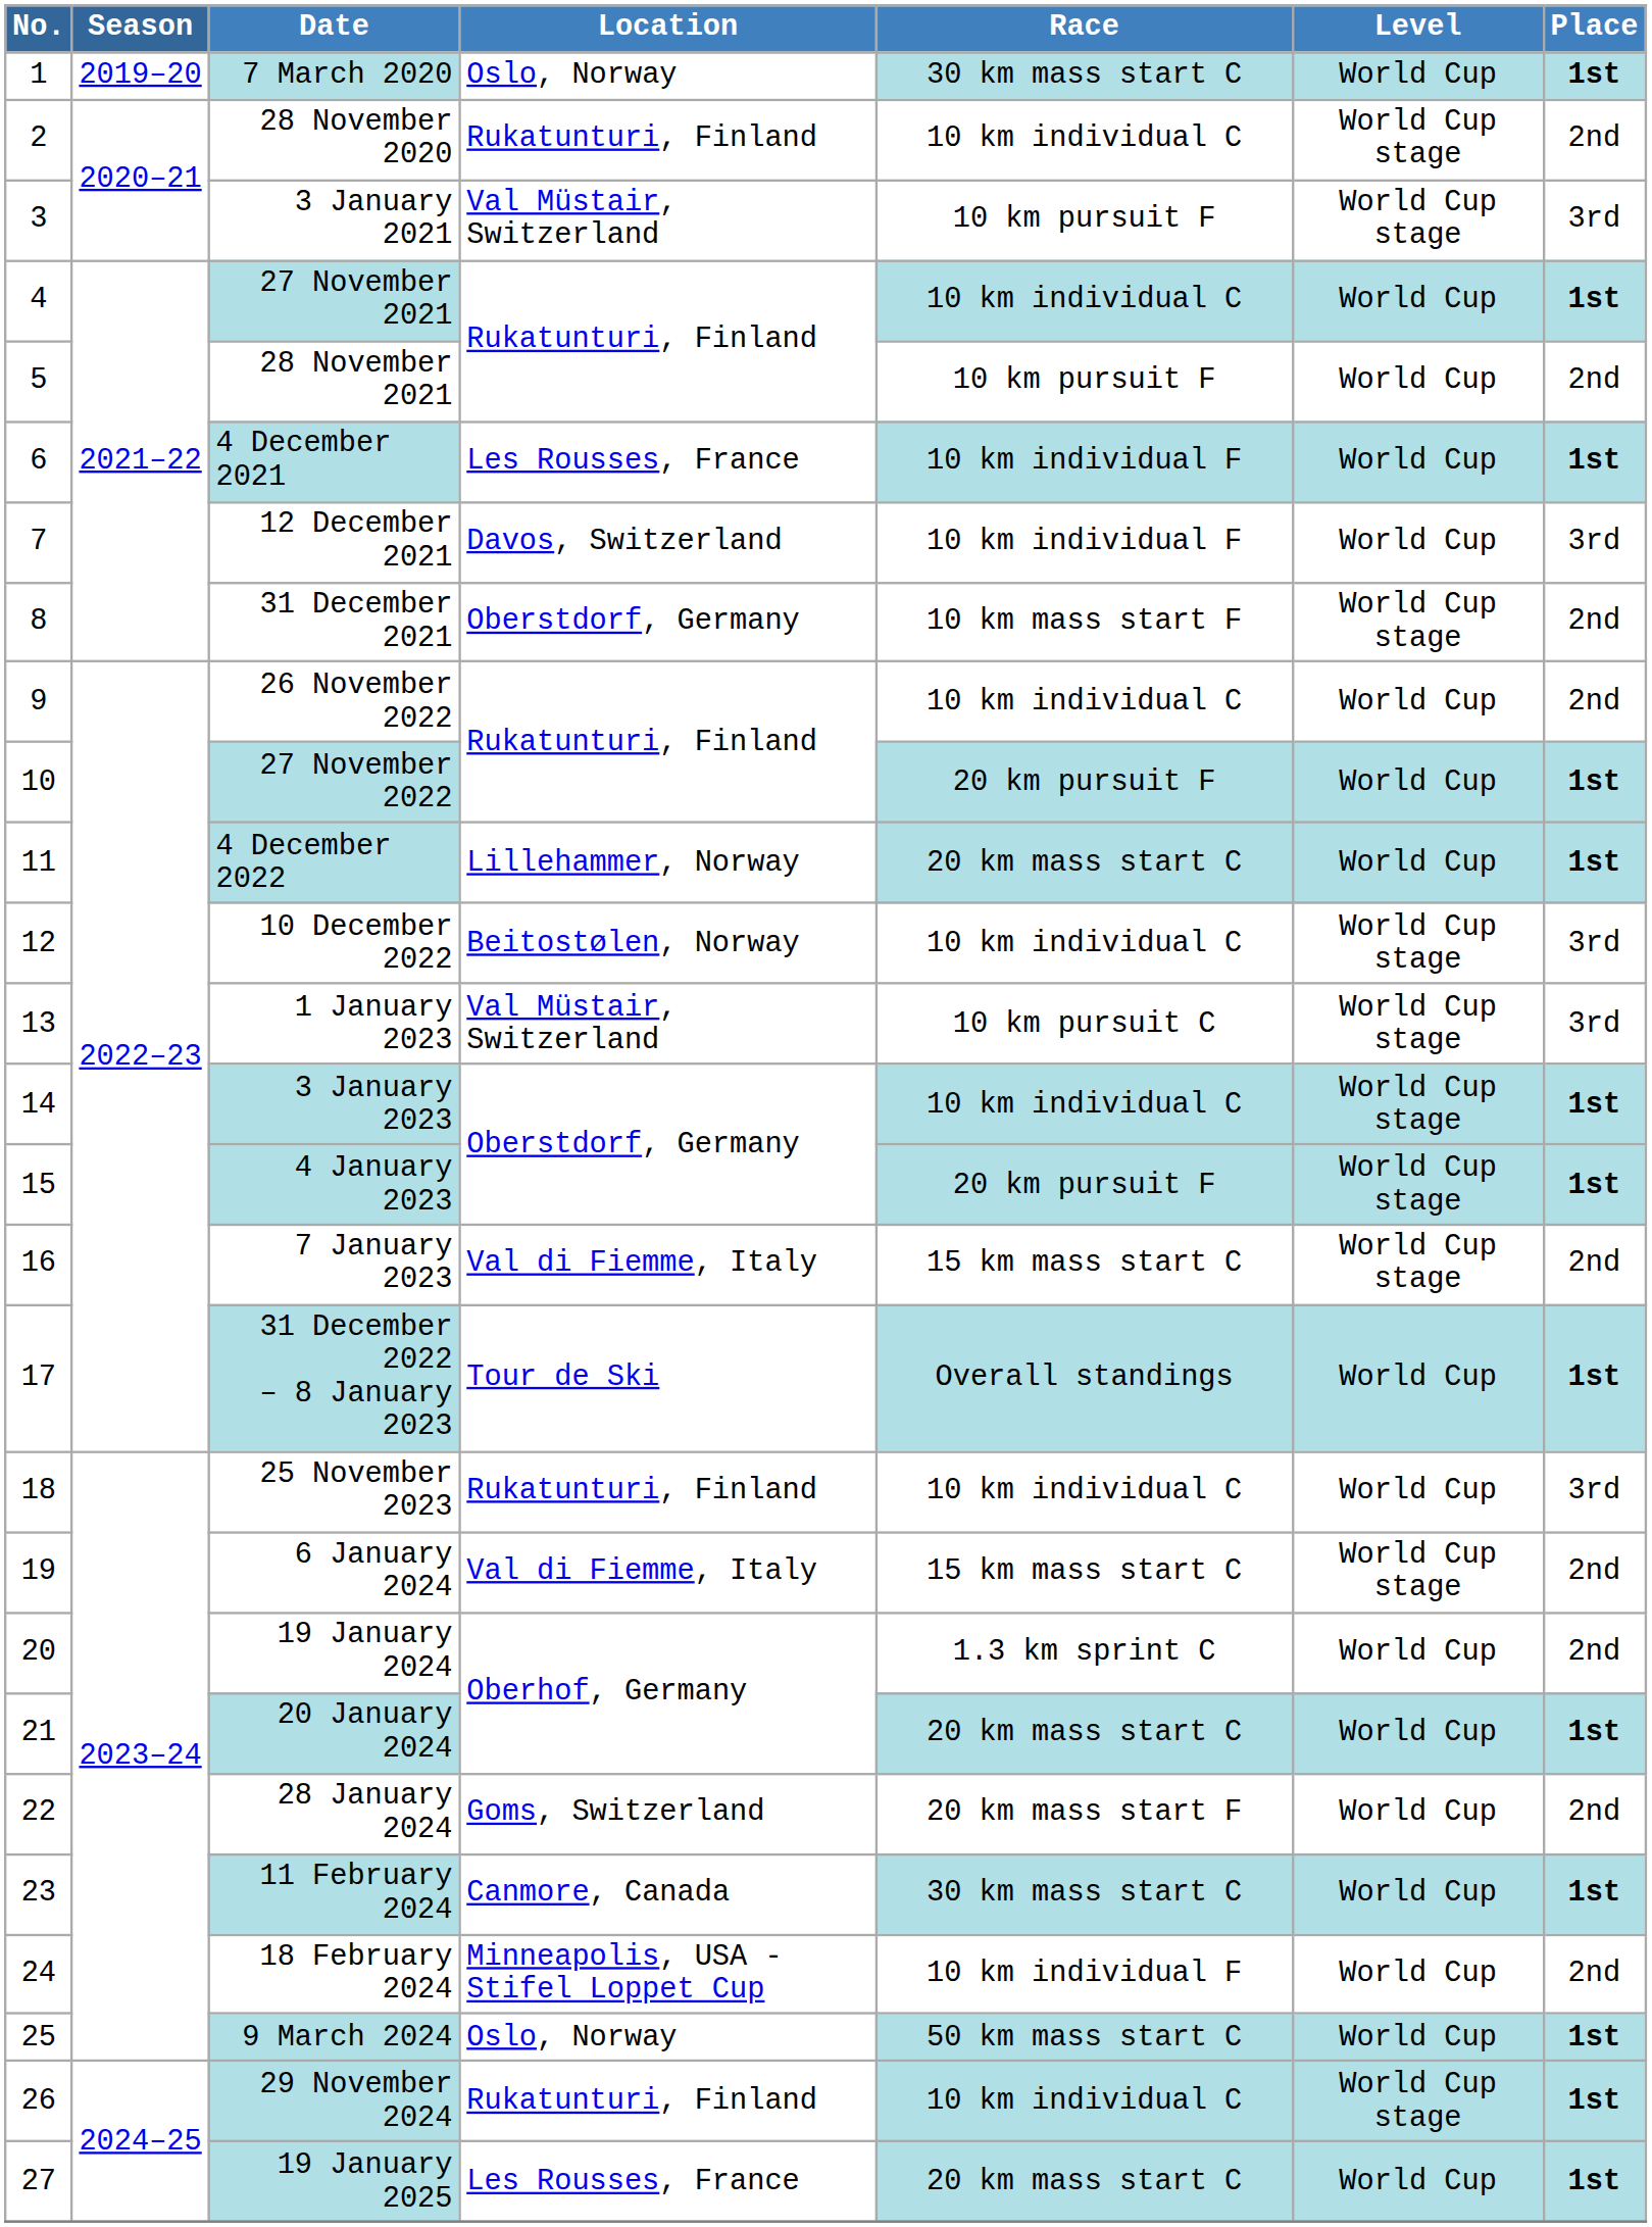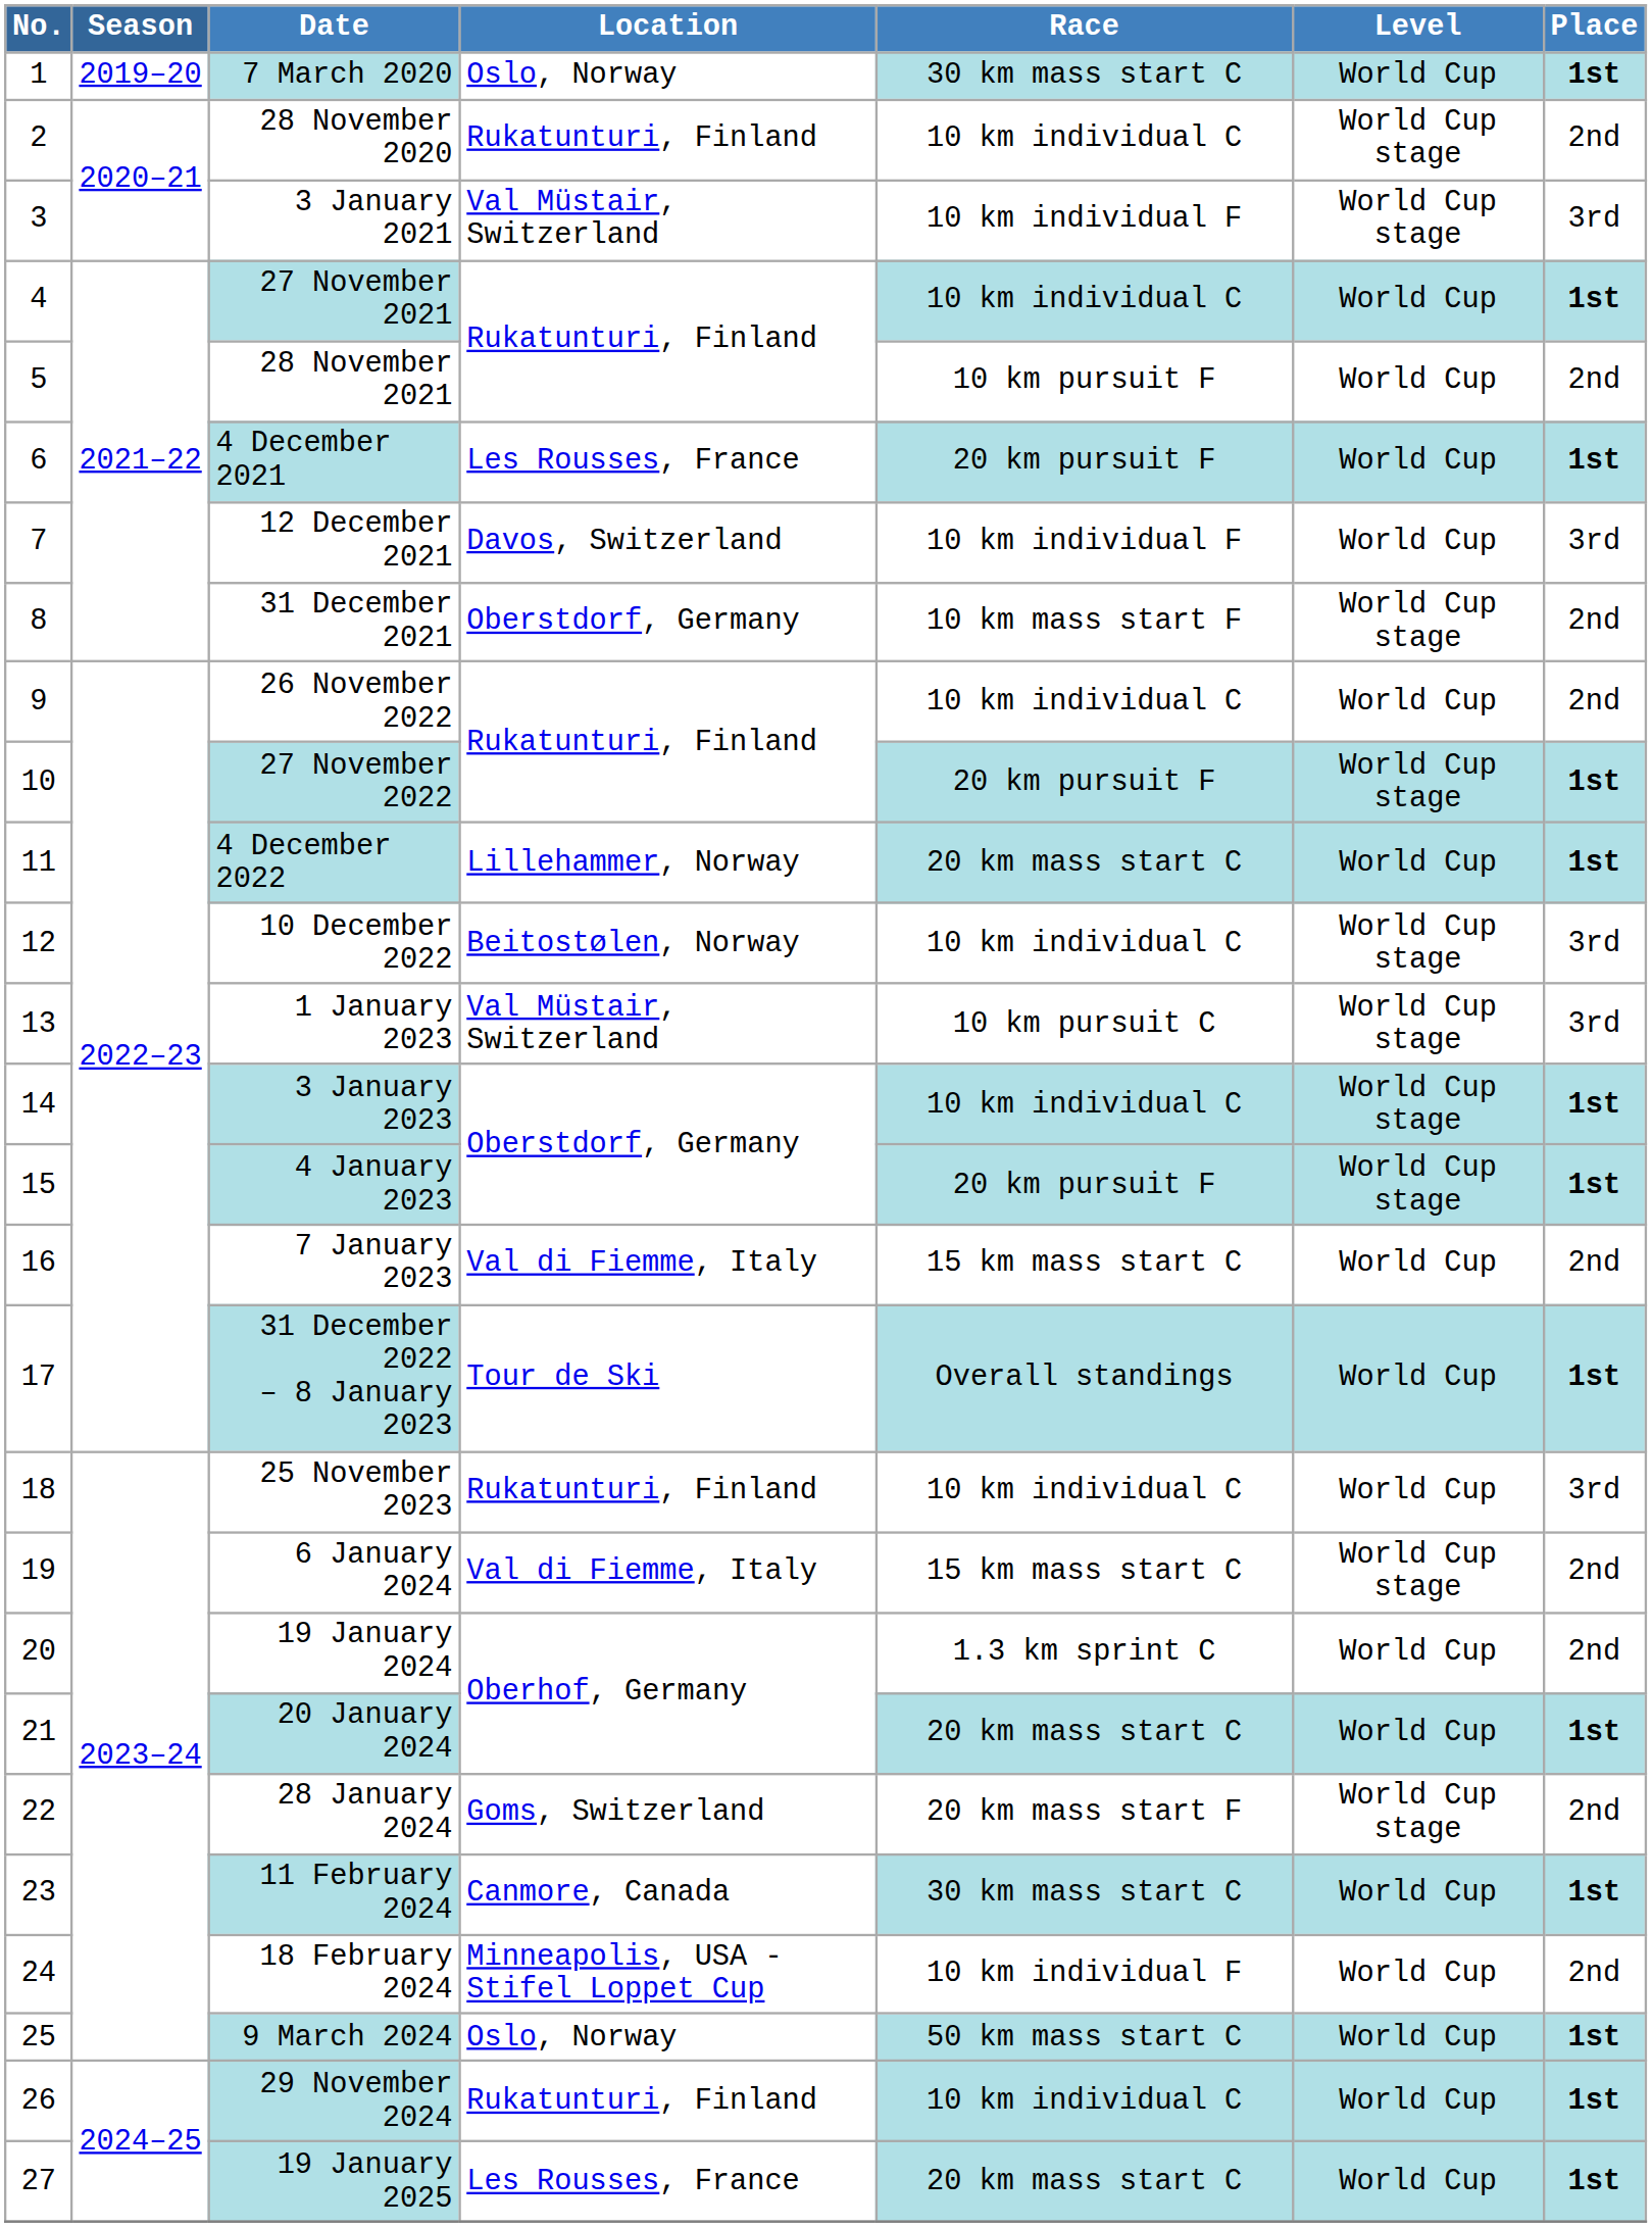 <table class="wikitable sortable" style="font-size:95%; text-align:center; border:grey solid 1px; border-collapse:collapse; background:#ffffff;">
 <tr style="background:#efefef;">
 <th style="background-color:#369; color:white;">No.</th>
 <th style="background-color:#369; color:white;">Season</th>
 <th style="background-color:#4180be; color:white; width:100px;">Date</th>
 <th style="background-color:#4180be; color:white; width:170px;">Location</th>
 <th style="background-color:#4180be; color:white; width:170px;">Race</th>
 <th style="background-color:#4180be; color:white; width:100px;">Level</th>
 <th style="background-color:#4180be; color:white;">Place</th>
 </tr>
 <tr>
 <td align=center>1</td>
 <td rowspan="1" align="center"><a href='#'>2019–20</a></td>
 <td bgcolor="#BOEOE6" align=right>7 March 2020</td>
 <td align=left> <a href='#'>Oslo</a>, Norway</td>
 <td bgcolor="#BOEOE6">30 km mass start C</td>
 <td bgcolor="#BOEOE6">World Cup</td>
 <td bgcolor="#BOEOE6"><strong>1st</strong></td>
 </tr>
 <tr>
 <td align=center>2</td>
 <td rowspan="2" align="center"><a href='#'>2020–21</a></td>
 <td align=right>28 November 2020</td>
 <td align=left> <a href='#'>Rukatunturi</a>, Finland</td>
 <td>10 km individual C</td>
 <td>World Cup stage</td>
 <td>2nd</td>
 </tr>
 <tr>
 <td align=center>3</td>
 <td align=right>3 January 2021</td>
 <td align=left> <a href='#'>Val Müstair</a>, Switzerland</td>
-<td>10 km pursuit F</td>
+<td>10 km individual F</td>
 <td>World Cup stage</td>
 <td>3rd</td>
 </tr>
 <tr>
 <td align=center>4</td>
 <td rowspan=5 align=center><a href='#'>2021–22</a></td>
 <td bgcolor="#BOEOE6" align=right>27 November 2021</td>
 <td rowspan=2 align=left> <a href='#'>Rukatunturi</a>, Finland</td>
 <td bgcolor="#BOEOE6">10 km individual C</td>
 <td bgcolor="#BOEOE6">World Cup</td>
 <td bgcolor="#BOEOE6"><strong>1st</strong></td>
 </tr>
 <tr>
 <td align=center>5</td>
 <td align=right>28 November 2021</td>
 <td>10 km pursuit F</td>
 <td>World Cup</td>
 <td>2nd</td>
 </tr>
 <tr>
 <td align=center>6</td>
 <td align=left bgcolor="#BOEOE6" align=right>4 December 2021</td>
 <td align=left> <a href='#'>Les Rousses</a>, France</td>
-<td bgcolor="#BOEOE6" align=center>10 km individual F</td>
+<td bgcolor="#BOEOE6">20 km pursuit F</td>
 <td bgcolor="#BOEOE6">World Cup</td>
 <td bgcolor="#BOEOE6"><strong>1st</strong></td>
 </tr>
 <tr>
 <td align=center>7</td>
 <td align=right>12 December 2021</td>
 <td align=left> <a href='#'>Davos</a>, Switzerland</td>
 <td>10 km individual F</td>
 <td>World Cup</td>
 <td>3rd</td>
 </tr>
 <tr>
 <td align=center>8</td>
 <td align=right>31 December 2021</td>
 <td align=left> <a href='#'>Oberstdorf</a>, Germany</td>
 <td>10 km mass start F</td>
 <td>World Cup stage</td>
 <td>2nd</td>
 </tr>
 <tr>
 <td align=center>9</td>
 <td rowspan="9" align="center"><a href='#'>2022–23</a></td>
 <td align=right>26 November 2022</td>
 <td rowspan=2 align=left> <a href='#'>Rukatunturi</a>, Finland</td>
 <td>10 km individual C</td>
 <td>World Cup</td>
 <td>2nd</td>
 </tr>
 <tr>
 <td align=center>10</td>
 <td bgcolor="#BOEOE6" align=right>27 November 2022</td>
 <td bgcolor="#BOEOE6">20 km pursuit F</td>
-<td bgcolor="#BOEOE6">World Cup</td>
+<td bgcolor="#BOEOE6">World Cup stage</td>
 <td bgcolor="#BOEOE6"><strong>1st</strong></td>
 </tr>
 <tr>
 <td align=center>11</td>
 <td align=left bgcolor="#BOEOE6" align=right>4 December 2022</td>
 <td align=left> <a href='#'>Lillehammer</a>, Norway</td>
 <td bgcolor="#BOEOE6" align=center>20 km mass start C</td>
 <td bgcolor="#BOEOE6">World Cup</td>
 <td bgcolor="#BOEOE6"><strong>1st</strong></td>
 </tr>
 <tr>
 <td align=center>12</td>
 <td align=right>10 December 2022</td>
 <td align=left> <a href='#'>Beitostølen</a>, Norway</td>
 <td>10 km individual C</td>
 <td>World Cup stage</td>
 <td>3rd</td>
 </tr>
 <tr>
 <td align=center>13</td>
 <td align=right>1 January 2023</td>
 <td align=left> <a href='#'>Val Müstair</a>, Switzerland</td>
 <td>10 km pursuit C</td>
 <td>World Cup stage</td>
 <td>3rd</td>
 </tr>
 <tr>
 <td align=center>14</td>
 <td bgcolor="#BOEOE6" align=right>3 January 2023</td>
 <td rowspan=2 align=left> <a href='#'>Oberstdorf</a>, Germany</td>
 <td bgcolor="#BOEOE6">10 km individual C</td>
 <td bgcolor="#BOEOE6">World Cup stage</td>
 <td bgcolor="#BOEOE6"><strong>1st</strong></td>
 </tr>
 <tr>
 <td align=center>15</td>
 <td bgcolor="#BOEOE6" align=right>4 January 2023</td>
 <td bgcolor="#BOEOE6">20 km pursuit F</td>
 <td bgcolor="#BOEOE6">World Cup stage</td>
 <td bgcolor="#BOEOE6"><strong>1st</strong></td>
 </tr>
 <tr>
 <td align=center>16</td>
 <td align=right>7 January 2023</td>
 <td align=left> <a href='#'>Val di Fiemme</a>, Italy</td>
 <td>15 km mass start C</td>
-<td>World Cup stage</td>
+<td>World Cup</td>
 <td>2nd</td>
 </tr>
 <tr>
 <td align="center">17</td>
 <td bgcolor="#BOEOE6" align="right">31 December 2022<br> – 8 January 2023</td>
 <td align="left"> <a href='#'>Tour de Ski</a></td>
 <td bgcolor="#BOEOE6">Overall standings</td>
 <td bgcolor="#BOEOE6">World Cup</td>
 <td bgcolor="#BOEOE6"><strong>1st</strong></td>
 </tr>
 <tr>
 <td align=center>18</td>
 <td rowspan="8" align="center"><a href='#'>2023–24</a></td>
 <td align=right>25 November 2023</td>
 <td align=left> <a href='#'>Rukatunturi</a>, Finland</td>
 <td>10 km individual C</td>
 <td>World Cup</td>
 <td>3rd</td>
 </tr>
 <tr>
 <td align=center>19</td>
 <td align=right>6 January 2024</td>
 <td align=left> <a href='#'>Val di Fiemme</a>, Italy</td>
 <td>15 km mass start C</td>
 <td>World Cup stage</td>
 <td>2nd</td>
 </tr>
 <tr>
 <td align=center>20</td>
 <td align=right>19 January 2024</td>
 <td rowspan="2" align=left> <a href='#'>Oberhof</a>, Germany</td>
 <td>1.3 km sprint C</td>
 <td>World Cup</td>
 <td>2nd</td>
 </tr>
 <tr>
 <td align=center>21</td>
 <td bgcolor="#BOEOE6" align=right>20 January 2024</td>
 <td bgcolor="#BOEOE6">20 km mass start C</td>
 <td bgcolor="#BOEOE6">World Cup</td>
 <td bgcolor="#BOEOE6"><strong>1st</strong></td>
 </tr>
 <tr>
 <td align=center>22</td>
 <td align=right>28 January 2024</td>
 <td align=left> <a href='#'>Goms</a>, Switzerland</td>
 <td>20 km mass start F</td>
-<td>World Cup</td>
+<td>World Cup stage</td>
 <td>2nd</td>
 </tr>
 <tr>
 <td align=center>23</td>
 <td bgcolor="#BOEOE6" align=right>11 February 2024</td>
 <td align=left> <a href='#'>Canmore</a>, Canada</td>
 <td bgcolor="#BOEOE6">30 km mass start C</td>
 <td bgcolor="#BOEOE6">World Cup</td>
 <td bgcolor="#BOEOE6"><strong>1st</strong></td>
 </tr>
 <tr>
 <td align=center>24</td>
 <td align=right>18 February 2024</td>
 <td align=left> <a href='#'>Minneapolis</a>, USA - <a href='#'>Stifel Loppet Cup</a></td>
 <td>10 km individual F</td>
 <td>World Cup</td>
 <td>2nd</td>
 </tr>
 <tr>
 <td align=center>25</td>
 <td bgcolor="#BOEOE6" align=right>9 March 2024</td>
 <td align=left> <a href='#'>Oslo</a>, Norway</td>
 <td bgcolor="#BOEOE6">50 km mass start C</td>
 <td bgcolor="#BOEOE6">World Cup</td>
 <td bgcolor="#BOEOE6"><strong>1st</strong></td>
 </tr>
 <tr>
 <td align=center>26</td>
 <td rowspan="2" align="center"><a href='#'>2024–25</a></td>
 <td bgcolor="#BOEOE6" align=right>29 November 2024</td>
 <td align=left> <a href='#'>Rukatunturi</a>, Finland</td>
 <td bgcolor="#BOEOE6">10 km individual C</td>
-<td bgcolor="#BOEOE6">World Cup stage</td>
+<td bgcolor="#BOEOE6">World Cup</td>
 <td bgcolor="#BOEOE6"><strong>1st</strong></td>
 </tr>
 <tr>
 <td align=center>27</td>
 <td bgcolor="#BOEOE6" align=right>19 January 2025</td>
 <td align=left> <a href='#'>Les Rousses</a>, France</td>
 <td bgcolor="#BOEOE6">20 km mass start C</td>
 <td bgcolor="#BOEOE6">World Cup</td>
 <td bgcolor="#BOEOE6"><strong>1st</strong></td>
 </tr>
 <tr>
 </tr>
 </table>
